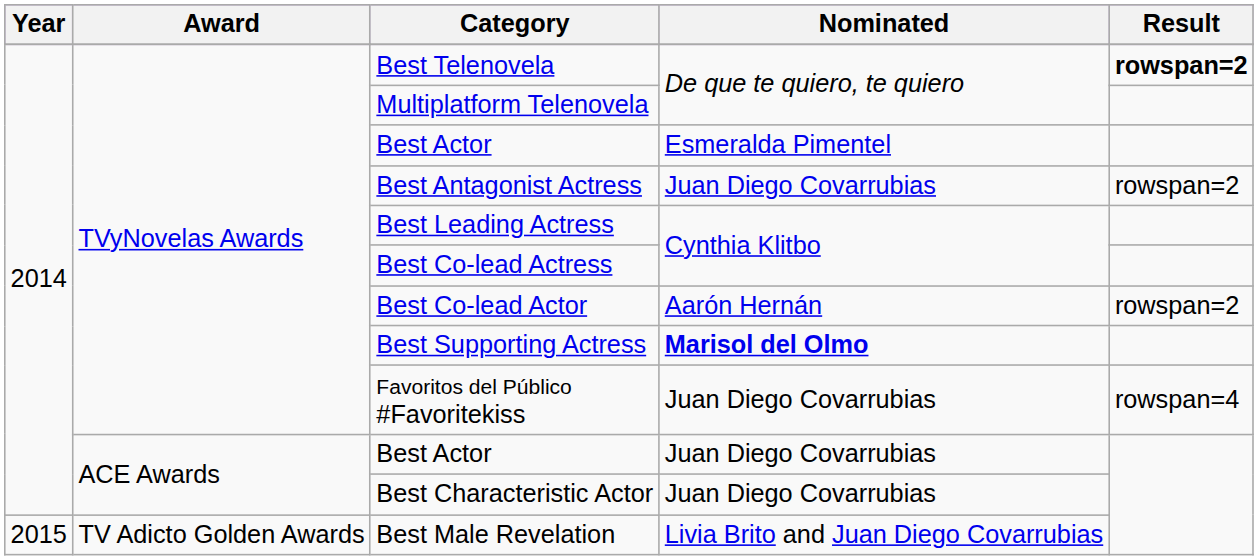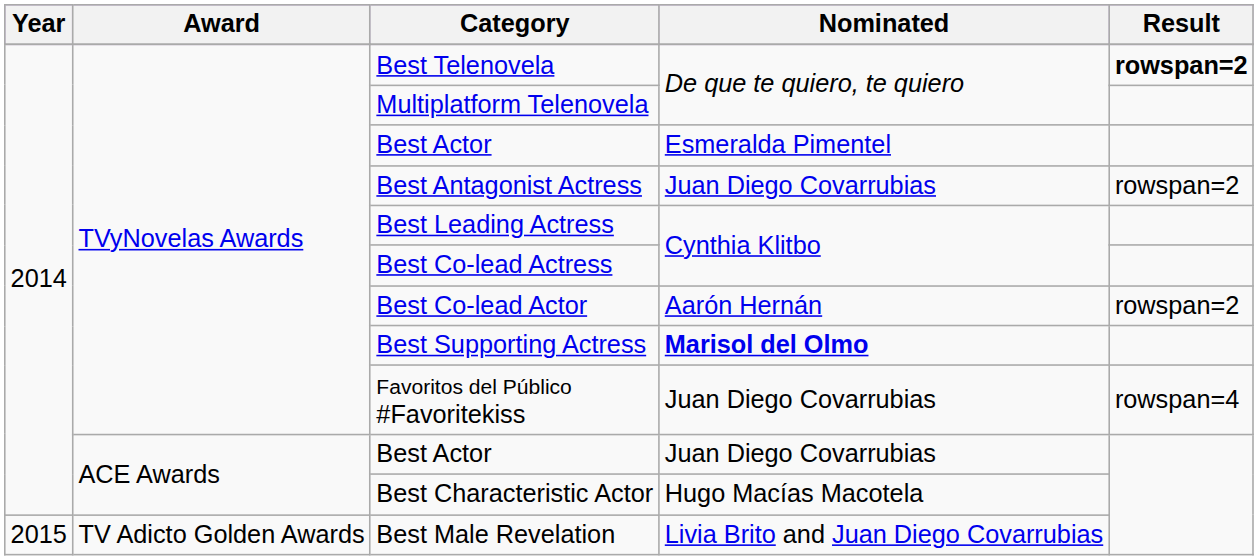 <table class="wikitable">
 <tr style="background:#96c;">
 <th>Year</th>
 <th>Award</th>
 <th>Category</th>
 <th>Nominated</th>
 <th>Result</th>
 </tr>
 <tr>
 </tr>
 <tr>
 <td rowspan="12">2014</td>
 <td rowspan="10"><a href='#'>TVyNovelas Awards</a></td>
 </tr>
 <tr>
 <td><a href='#'>Best Telenovela</a></td>
 <td rowspan="2"><em>De que te quiero, te quiero</em></td>
 <td><strong>rowspan=2 </strong></td>
 </tr>
 <tr>
 <td><a href='#'>Multiplatform Telenovela</a></td>
 </tr>
 <tr>
 <td><a href='#'>Best Actor</a></td>
 <td><a href='#'>Esmeralda Pimentel</a></td>
 <td></td>
 </tr>
 <tr>
 <td><a href='#'>Best Antagonist Actress</a></td>
 <td><a href='#'>Juan Diego Covarrubias</a></td>
 <td>rowspan=2 </td>
 </tr>
 <tr>
 <td><a href='#'>Best Leading Actress</a></td>
 <td rowspan=2><a href='#'>Cynthia Klitbo</a></td>
 </tr>
 <tr>
 <td><a href='#'>Best Co-lead Actress</a></td>
 <td></td>
 </tr>
 <tr>
 <td><a href='#'>Best Co-lead Actor</a></td>
 <td><a href='#'>Aarón Hernán</a></td>
 <td>rowspan=2 </td>
 </tr>
 <tr>
 <td><a href='#'>Best Supporting Actress</a></td>
 <td><strong><a href='#'>Marisol del Olmo</a></strong></td>
 </tr>
 <tr>
 <td><small>Favoritos del Público</small><br>#Favoritekiss</td>
 <td>Juan Diego Covarrubias</td>
 <td>rowspan=4 </td>
 </tr>
 <tr>
 <td rowspan=2>ACE Awards</td>
 <td>Best Actor</td>
 <td>Juan Diego Covarrubias</td>
 </tr>
 <tr>
 <td>Best Characteristic Actor</td>
-<td>Juan Diego Covarrubias</td>
+<td>Hugo Macías Macotela</td>
 </tr>
 <tr>
 <td>2015</td>
 <td>TV Adicto Golden Awards</td>
 <td>Best Male Revelation</td>
 <td><a href='#'>Livia Brito</a> and <a href='#'>Juan Diego Covarrubias</a></td>
 </tr>
 </table>
